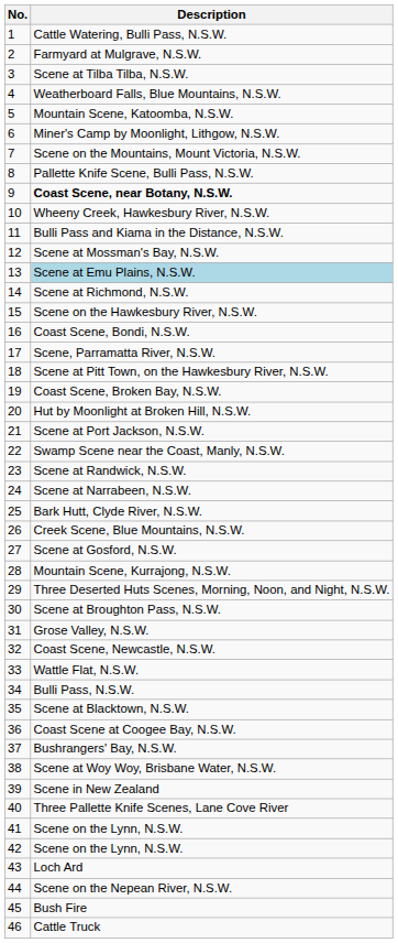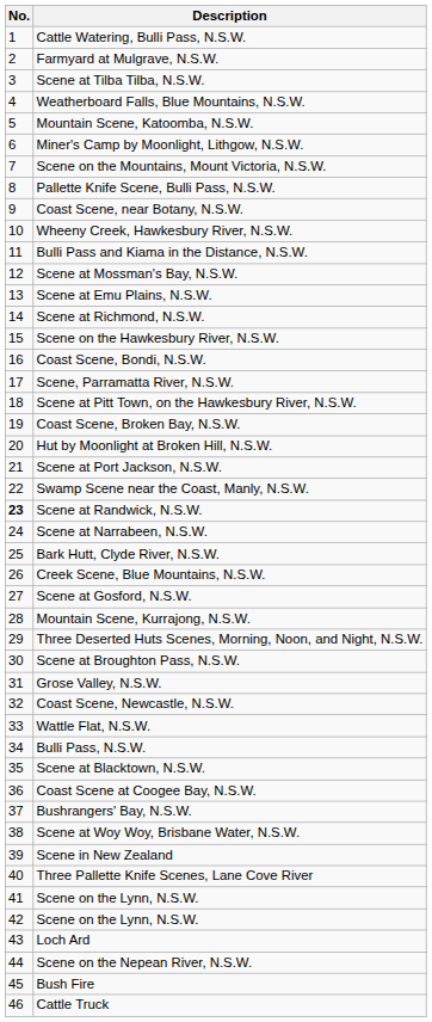 <table class="wikitable">
 <tr>
 <th>No.</th>
 <th>Description</th>
 </tr>
 <tr>
 <td>1</td>
 <td>Cattle Watering, Bulli Pass, N.S.W.</td>
 </tr>
 <tr>
 <td>2</td>
 <td>Farmyard at Mulgrave, N.S.W.</td>
 </tr>
 <tr>
 <td>3</td>
 <td>Scene at Tilba Tilba, N.S.W.</td>
 </tr>
 <tr>
 <td>4</td>
 <td>Weatherboard Falls, Blue Mountains, N.S.W.</td>
 </tr>
 <tr>
 <td>5</td>
 <td>Mountain Scene, Katoomba, N.S.W.</td>
 </tr>
 <tr>
 <td>6</td>
 <td>Miner's Camp by Moonlight, Lithgow, N.S.W.</td>
 </tr>
 <tr>
 <td>7</td>
 <td>Scene on the Mountains, Mount Victoria, N.S.W.</td>
 </tr>
 <tr>
 <td>8</td>
 <td>Pallette Knife Scene, Bulli Pass, N.S.W.</td>
 </tr>
 <tr>
 <td>9</td>
-<td><strong>Coast Scene, near Botany, N.S.W.</strong></td>
+<td>Coast Scene, near Botany, N.S.W.</td>
 </tr>
 <tr>
 <td>10</td>
 <td>Wheeny Creek, Hawkesbury River, N.S.W.</td>
 </tr>
 <tr>
 <td>11</td>
 <td>Bulli Pass and Kiama in the Distance, N.S.W.</td>
 </tr>
 <tr>
 <td>12</td>
 <td>Scene at Mossman's Bay, N.S.W.</td>
 </tr>
 <tr>
 <td>13</td>
-<td style="background: lightblue;">Scene at Emu Plains, N.S.W.</td>
+<td>Scene at Emu Plains, N.S.W.</td>
 </tr>
 <tr>
 <td>14</td>
 <td>Scene at Richmond, N.S.W.</td>
 </tr>
 <tr>
 <td>15</td>
 <td>Scene on the Hawkesbury River, N.S.W.</td>
 </tr>
 <tr>
 <td>16</td>
 <td>Coast Scene, Bondi, N.S.W.</td>
 </tr>
 <tr>
 <td>17</td>
 <td>Scene, Parramatta River, N.S.W.</td>
 </tr>
 <tr>
 <td>18</td>
 <td>Scene at Pitt Town, on the Hawkesbury River, N.S.W.</td>
 </tr>
 <tr>
 <td>19</td>
 <td>Coast Scene, Broken Bay, N.S.W.</td>
 </tr>
 <tr>
 <td>20</td>
 <td>Hut by Moonlight at Broken Hill, N.S.W.</td>
 </tr>
 <tr>
 <td>21</td>
 <td>Scene at Port Jackson, N.S.W.</td>
 </tr>
 <tr>
 <td>22</td>
 <td>Swamp Scene near the Coast, Manly, N.S.W.</td>
 </tr>
 <tr>
-<td>23</td>
+<td><strong>23</strong></td>
 <td>Scene at Randwick, N.S.W.</td>
 </tr>
 <tr>
 <td>24</td>
 <td>Scene at Narrabeen, N.S.W.</td>
 </tr>
 <tr>
 <td>25</td>
 <td>Bark Hutt, Clyde River, N.S.W.</td>
 </tr>
 <tr>
 <td>26</td>
 <td>Creek Scene, Blue Mountains, N.S.W.</td>
 </tr>
 <tr>
 <td>27</td>
 <td>Scene at Gosford, N.S.W.</td>
 </tr>
 <tr>
 <td>28</td>
 <td>Mountain Scene, Kurrajong, N.S.W.</td>
 </tr>
 <tr>
 <td>29</td>
 <td>Three Deserted Huts Scenes, Morning, Noon, and Night, N.S.W.</td>
 </tr>
 <tr>
 <td>30</td>
 <td>Scene at Broughton Pass, N.S.W.</td>
 </tr>
 <tr>
 <td>31</td>
 <td>Grose Valley, N.S.W.</td>
 </tr>
 <tr>
 <td>32</td>
 <td>Coast Scene, Newcastle, N.S.W.</td>
 </tr>
 <tr>
 <td>33</td>
 <td>Wattle Flat, N.S.W.</td>
 </tr>
 <tr>
 <td>34</td>
 <td>Bulli Pass, N.S.W.</td>
 </tr>
 <tr>
 <td>35</td>
 <td>Scene at Blacktown, N.S.W.</td>
 </tr>
 <tr>
 <td>36</td>
 <td>Coast Scene at Coogee Bay, N.S.W.</td>
 </tr>
 <tr>
 <td>37</td>
 <td>Bushrangers' Bay, N.S.W.</td>
 </tr>
 <tr>
 <td>38</td>
 <td>Scene at Woy Woy, Brisbane Water, N.S.W.</td>
 </tr>
 <tr>
 <td>39</td>
 <td>Scene in New Zealand</td>
 </tr>
 <tr>
 <td>40</td>
 <td>Three Pallette Knife Scenes, Lane Cove River</td>
 </tr>
 <tr>
 <td>41</td>
 <td>Scene on the Lynn, N.S.W.</td>
 </tr>
 <tr>
 <td>42</td>
 <td>Scene on the Lynn, N.S.W.</td>
 </tr>
 <tr>
 <td>43</td>
 <td>Loch Ard</td>
 </tr>
 <tr>
 <td>44</td>
 <td>Scene on the Nepean River, N.S.W.</td>
 </tr>
 <tr>
 <td>45</td>
 <td>Bush Fire</td>
 </tr>
 <tr>
 <td>46</td>
 <td>Cattle Truck</td>
 </tr>
 </table>
